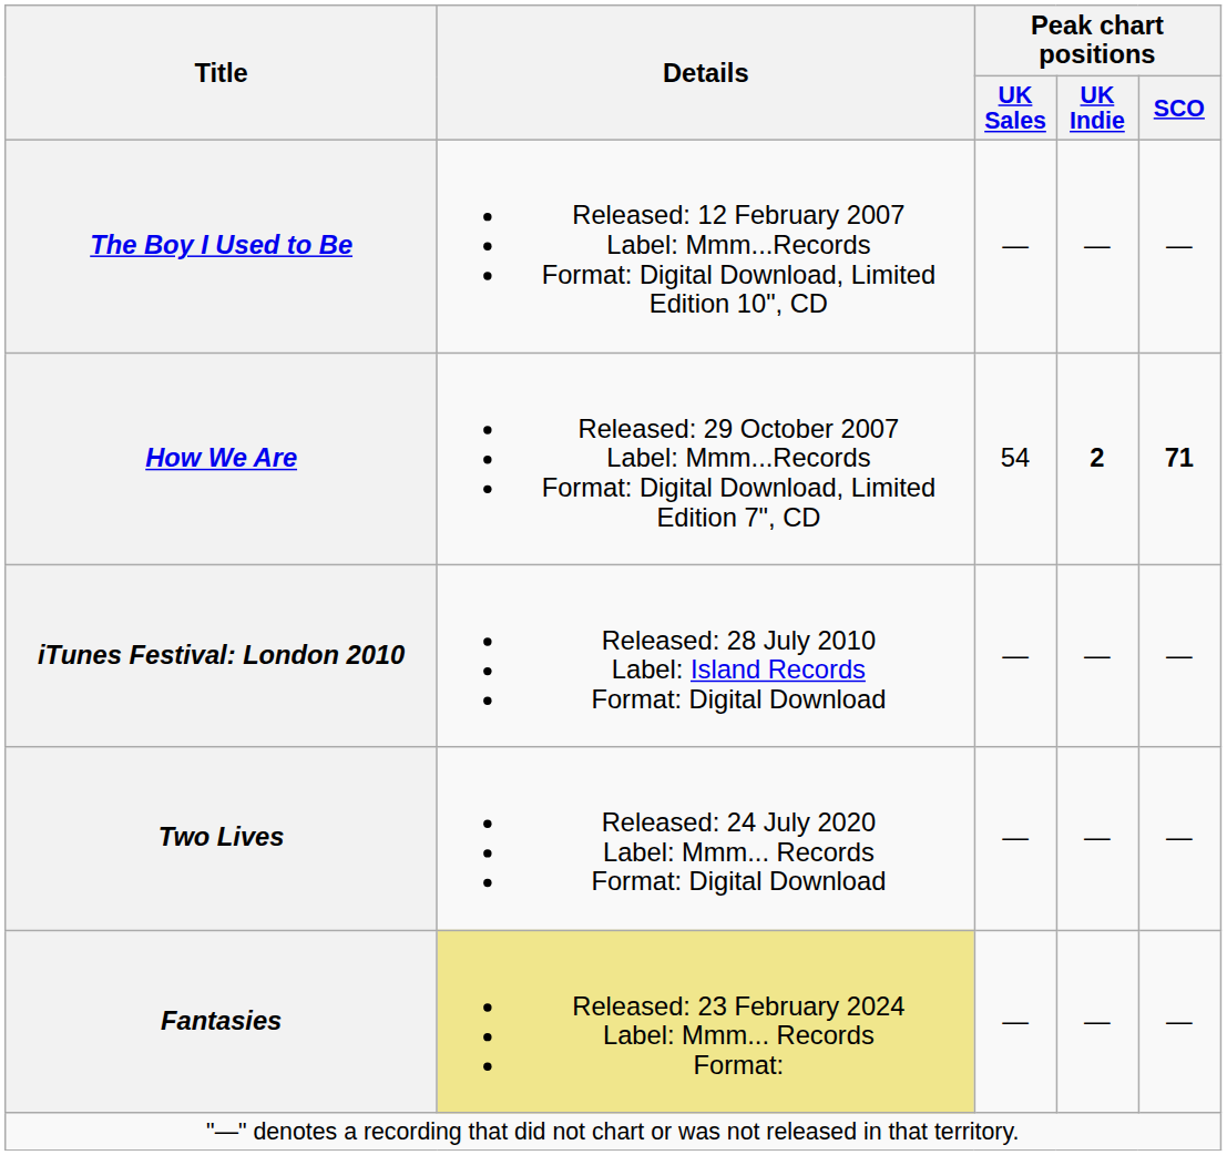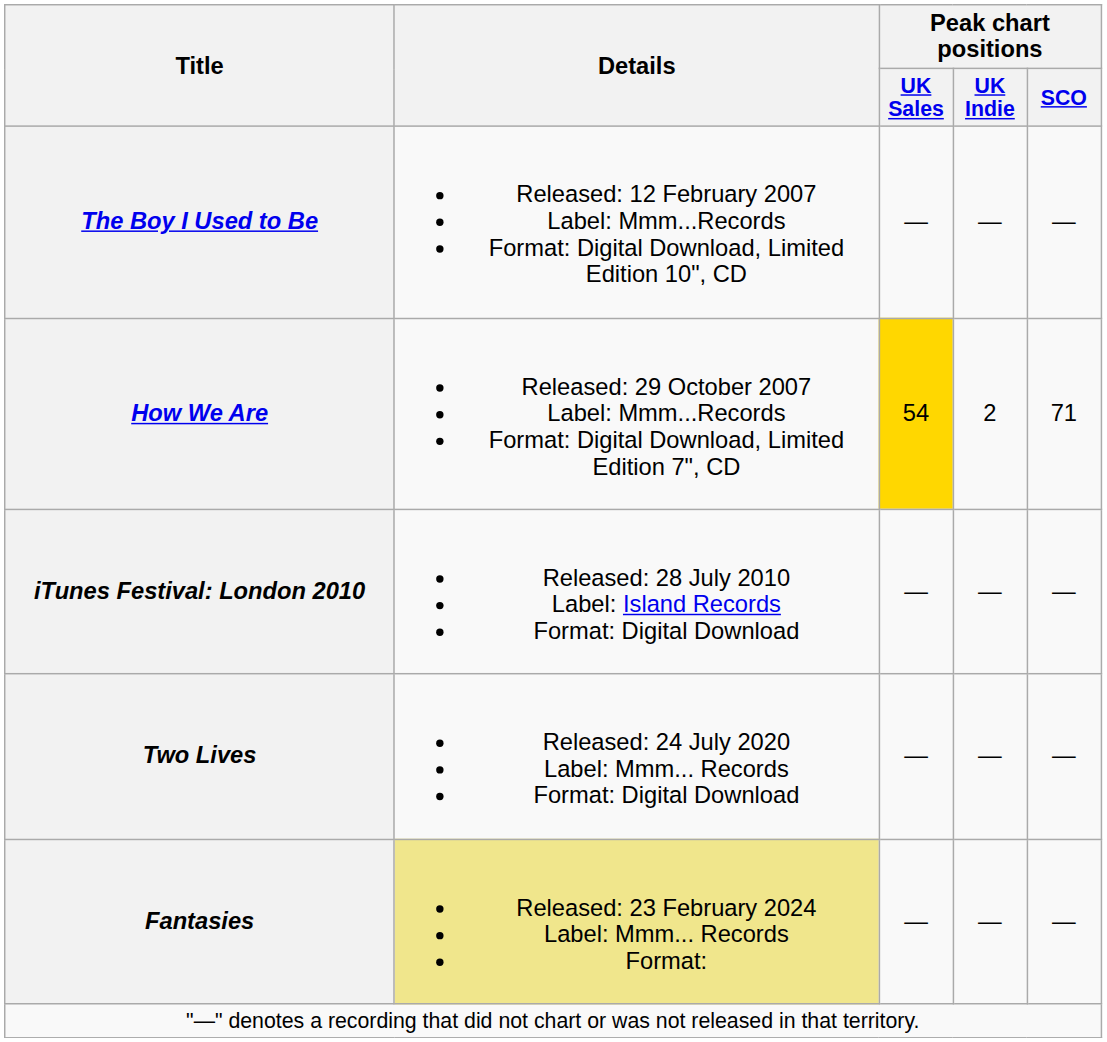 <table class="wikitable plainrowheaders" style="text-align:center;" border="1">
 <tr>
 <th scope="col" rowspan="2" style="width:16em;">Title</th>
 <th scope="col" rowspan="2" style="width:20em;">Details</th>
 <th scope="col" colspan="3">Peak chart positions</th>
 </tr>
 <tr>
 <th scope="col" style="width:3em;font-size:90%;"><a href='#'>UK<br>Sales</a><br></th>
 <th scope="col" style="width:3em;font-size:90%;"><a href='#'>UK<br>Indie</a><br></th>
 <th scope="col" style="width:3em;font-size:90%;"><a href='#'>SCO</a><br></th>
 </tr>
 <tr>
 <th scope="row"><em><a href='#'>The Boy I Used to Be</a></em></th>
 <td><br><ul><li>Released: 12 February 2007</li><li>Label: Mmm...Records</li><li>Format: Digital Download, Limited Edition 10", CD</li></ul></td>
 <td>—</td>
 <td>—</td>
 <td>—</td>
 </tr>
 <tr>
 <th scope="row"><em><a href='#'>How We Are</a></em></th>
 <td><br><ul><li>Released: 29 October 2007</li><li>Label: Mmm...Records</li><li>Format: Digital Download, Limited Edition 7", CD</li></ul></td>
-<td>54</td>
-<td><strong>2</strong></td>
-<td><strong>71</strong></td>
+<td style="background: gold;">54</td>
+<td>2</td>
+<td>71</td>
 </tr>
 <tr>
 <th scope="row"><em>iTunes Festival: London 2010</em></th>
 <td><br><ul><li>Released: 28 July 2010</li><li>Label: <a href='#'>Island Records</a></li><li>Format: Digital Download</li></ul></td>
 <td>—</td>
 <td>—</td>
 <td>—</td>
 </tr>
 <tr>
 <th scope="row"><em>Two Lives</em></th>
 <td><br><ul><li>Released: 24 July 2020</li><li>Label: Mmm... Records</li><li>Format: Digital Download</li></ul></td>
 <td>—</td>
 <td>—</td>
 <td>—</td>
 </tr>
 <tr>
 <th scope="row"><em>Fantasies</em></th>
 <td style="background: khaki;"><br><ul><li>Released: 23 February 2024</li><li>Label: Mmm... Records</li><li>Format:</li></ul></td>
 <td>—</td>
 <td>—</td>
 <td>—</td>
 </tr>
 <tr>
 <td colspan="13" style="font-size:90%">"—" denotes a recording that did not chart or was not released in that territory.</td>
 </tr>
 </table>
